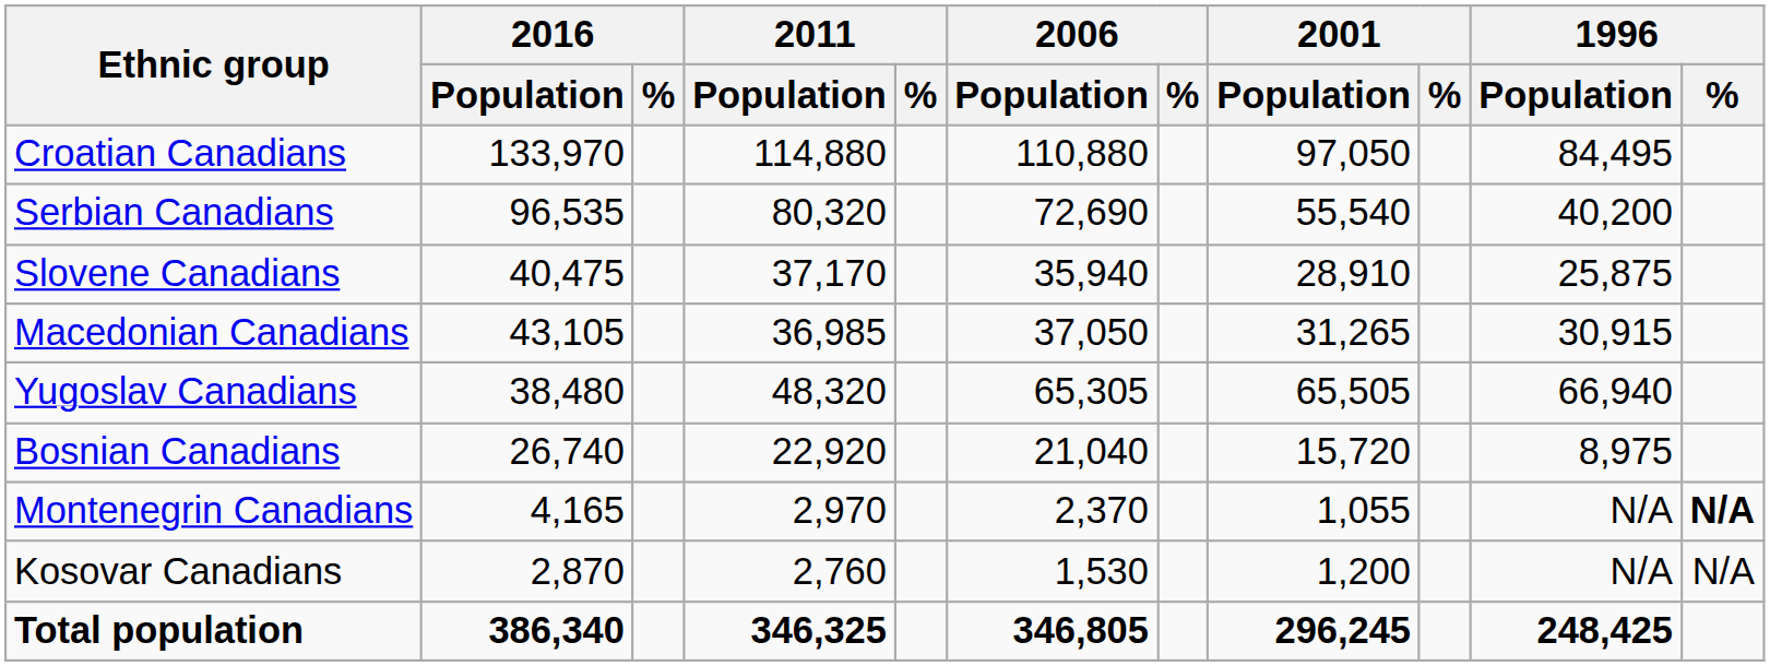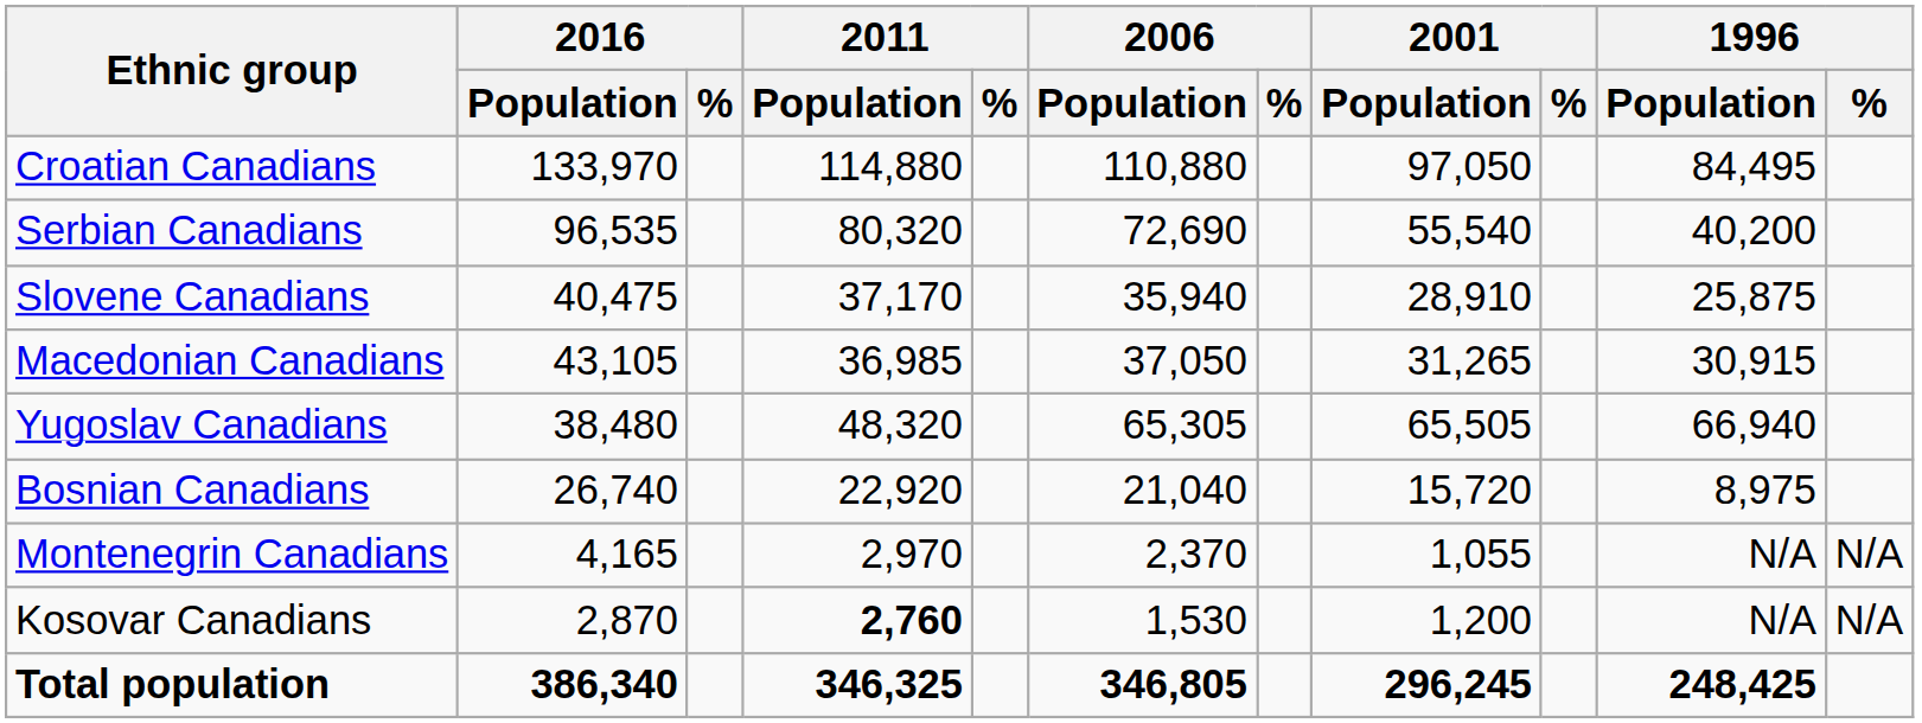 <table class="wikitable" style="text-align:right">
 <tr>
 <th rowspan="2">Ethnic group</th>
 <th style="text-align:center;" colspan="2">2016</th>
 <th style="text-align:center;" colspan="2">2011</th>
 <th style="text-align:center;" colspan="2">2006</th>
 <th style="text-align:center;" colspan="2">2001</th>
 <th style="text-align:center;" colspan="2">1996</th>
 </tr>
 <tr>
 <th>Population</th>
 <th>%</th>
 <th>Population</th>
 <th>%</th>
 <th>Population</th>
 <th>%</th>
 <th>Population</th>
 <th>%</th>
 <th>Population</th>
 <th>%</th>
 </tr>
 <tr>
 <td style="text-align:left"> <a href='#'>Croatian Canadians</a></td>
 <td>133,970</td>
 <td></td>
 <td>114,880</td>
 <td></td>
 <td>110,880</td>
 <td></td>
 <td>97,050</td>
 <td></td>
 <td>84,495</td>
 <td></td>
 </tr>
 <tr>
 <td style="text-align:left"> <a href='#'>Serbian Canadians</a></td>
 <td>96,535</td>
 <td></td>
 <td>80,320</td>
 <td></td>
 <td>72,690</td>
 <td></td>
 <td>55,540</td>
 <td></td>
 <td>40,200</td>
 <td></td>
 </tr>
 <tr>
 <td style="text-align:left"> <a href='#'>Slovene Canadians</a></td>
 <td>40,475</td>
 <td></td>
 <td>37,170</td>
 <td></td>
 <td>35,940</td>
 <td></td>
 <td>28,910</td>
 <td></td>
 <td>25,875</td>
 <td></td>
 </tr>
 <tr>
 <td style="text-align:left"> <a href='#'>Macedonian Canadians</a></td>
 <td>43,105</td>
 <td></td>
 <td>36,985</td>
 <td></td>
 <td>37,050</td>
 <td></td>
 <td>31,265</td>
 <td></td>
 <td>30,915</td>
 <td></td>
 </tr>
 <tr>
 <td style="text-align:left"> <a href='#'>Yugoslav Canadians</a></td>
 <td>38,480</td>
 <td></td>
 <td>48,320</td>
 <td></td>
 <td>65,305</td>
 <td></td>
 <td>65,505</td>
 <td></td>
 <td>66,940</td>
 <td></td>
 </tr>
 <tr>
 <td style="text-align:left"> <a href='#'>Bosnian Canadians</a></td>
 <td>26,740</td>
 <td></td>
 <td>22,920</td>
 <td></td>
 <td>21,040</td>
 <td></td>
 <td>15,720</td>
 <td></td>
 <td>8,975</td>
 <td></td>
 </tr>
 <tr>
 <td style="text-align:left"> <a href='#'>Montenegrin Canadians</a></td>
 <td>4,165</td>
 <td></td>
 <td>2,970</td>
 <td></td>
 <td>2,370</td>
 <td></td>
 <td>1,055</td>
 <td></td>
 <td>N/A</td>
-<td><strong>N/A</strong></td>
+<td>N/A</td>
 </tr>
 <tr>
 <td style="text-align:left"> Kosovar Canadians</td>
 <td>2,870</td>
 <td></td>
-<td>2,760</td>
+<td><strong>2,760</strong></td>
 <td></td>
 <td>1,530</td>
 <td></td>
 <td>1,200</td>
 <td></td>
 <td>N/A</td>
 <td>N/A</td>
 </tr>
 <tr>
 <td style="text-align:left"> <strong>Total population</strong></td>
 <td><strong>386,340</strong></td>
 <td><strong></strong></td>
 <td><strong>346,325</strong></td>
 <td><strong></strong></td>
 <td><strong>346,805</strong></td>
 <td><strong></strong></td>
 <td><strong>296,245</strong></td>
 <td><strong></strong></td>
 <td><strong>248,425</strong></td>
 <td><strong></strong></td>
 </tr>
 </table>
